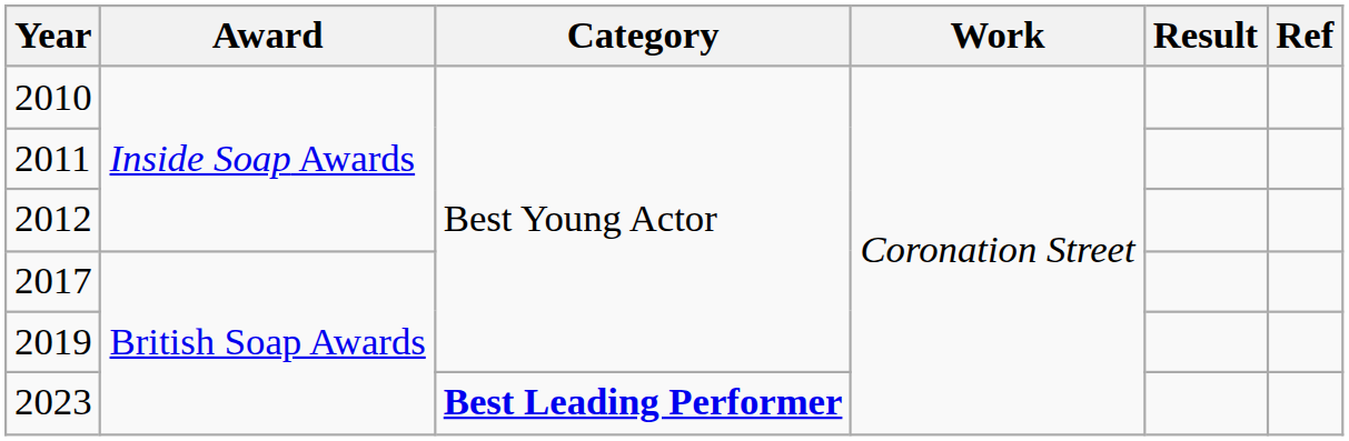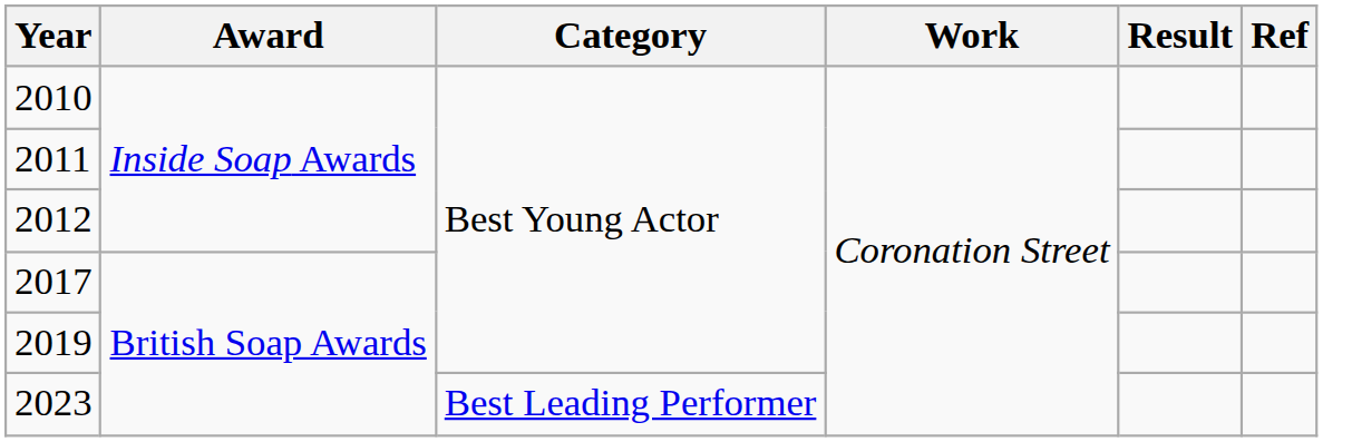 <table class="wikitable">
 <tr>
 <th>Year</th>
 <th>Award</th>
 <th>Category</th>
 <th>Work</th>
 <th>Result</th>
 <th>Ref</th>
 </tr>
 <tr>
 <td>2010</td>
 <td rowspan=3><a href='#'><em>Inside Soap</em> Awards</a></td>
 <td rowspan=5>Best Young Actor</td>
 <td rowspan=6><em>Coronation Street</em></td>
 <td></td>
 <td></td>
 </tr>
 <tr>
 <td>2011</td>
 <td></td>
 <td></td>
 </tr>
 <tr>
 <td>2012</td>
 <td></td>
 <td></td>
 </tr>
 <tr>
 <td>2017</td>
 <td rowspan=3><a href='#'>British Soap Awards</a></td>
 <td></td>
 <td></td>
 </tr>
 <tr>
 <td>2019</td>
 <td></td>
 <td></td>
 </tr>
 <tr>
 <td>2023</td>
-<td><strong><a href='#'>Best Leading Performer</a></strong></td>
+<td><a href='#'>Best Leading Performer</a></td>
 <td></td>
 <td></td>
 </tr>
 </table>
